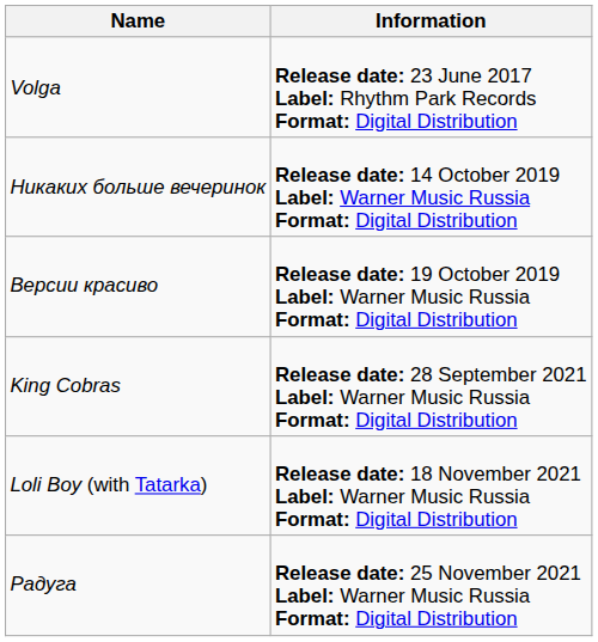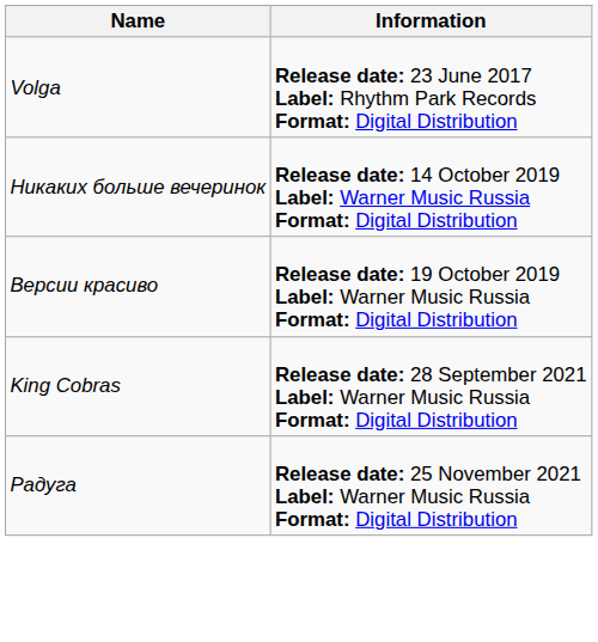 <table class="wikitable">
 <tr>
 <th>Name</th>
 <th>Information</th>
 </tr>
 <tr>
 <td><em>Volga</em></td>
 <td><br><strong>Release date:</strong> 23 June 2017<br> <strong>Label:</strong> Rhythm Park Records<br> <strong>Format:</strong> <a href='#'>Digital Distribution</a></td>
 </tr>
 <tr>
 <td><em>Никаких больше вечеринок</em><br></td>
 <td><br><strong>Release date:</strong> 14 October 2019<br> <strong>Label:</strong> <a href='#'>Warner Music Russia</a><br> <strong>Format:</strong> <a href='#'>Digital Distribution</a></td>
 </tr>
 <tr>
 <td><em>Версии красиво</em></td>
 <td><br><strong>Release date:</strong> 19 October 2019<br> <strong>Label:</strong> Warner Music Russia<br> <strong>Format:</strong> <a href='#'>Digital Distribution</a></td>
 </tr>
 <tr>
 <td><em>King Cobras</em><br></td>
 <td><br><strong>Release date:</strong> 28 September 2021<br> <strong>Label:</strong> Warner Music Russia<br> <strong>Format:</strong> <a href='#'>Digital Distribution</a></td>
 </tr>
 <tr>
-<td><em>Loli Boy</em> (with <a href='#'>Tatarka</a>)</td>
-<td><br><strong>Release date:</strong> 18 November 2021<br> <strong>Label:</strong> Warner Music Russia<br> <strong>Format:</strong> <a href='#'>Digital Distribution</a></td>
-</tr>
-<tr>
 <td><em>Радуга</em><br></td>
 <td><br><strong>Release date:</strong> 25 November 2021<br> <strong>Label:</strong> Warner Music Russia<br> <strong>Format:</strong> <a href='#'>Digital Distribution</a></td>
 </tr>
 </table>
